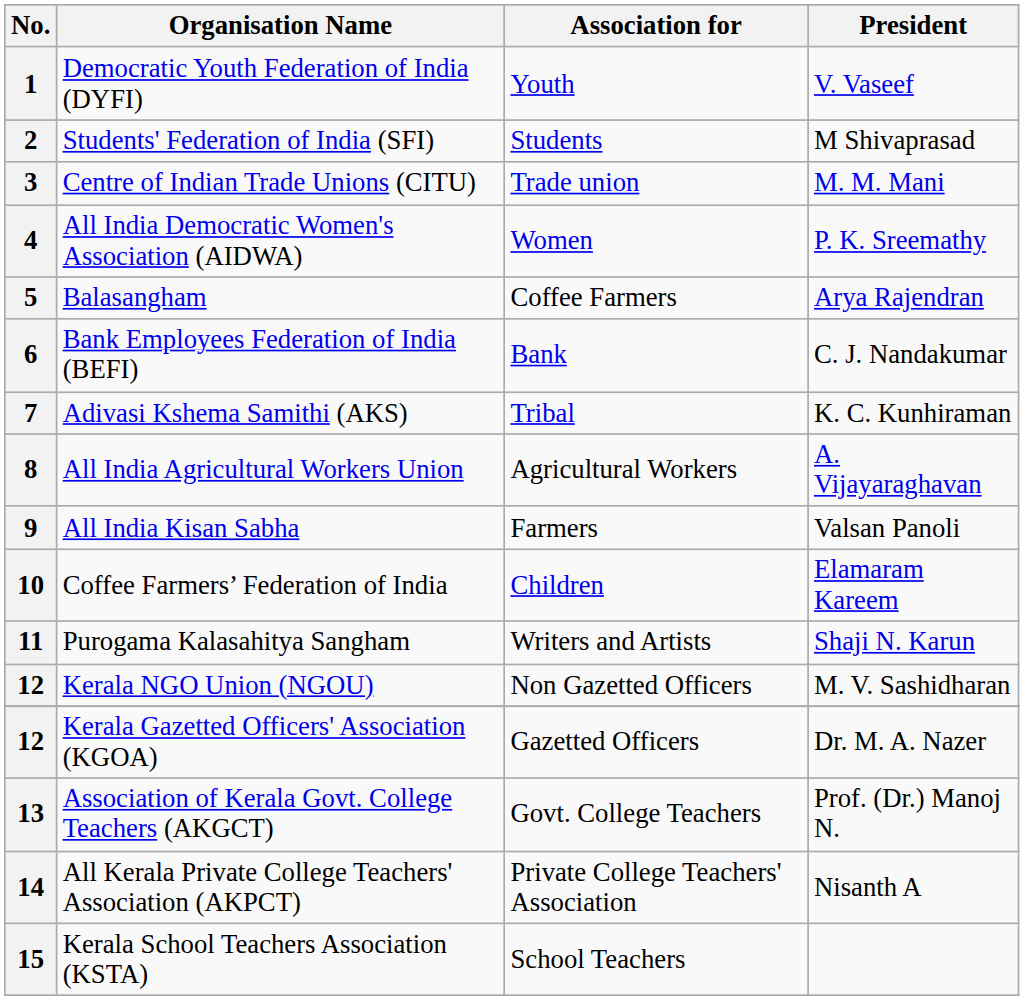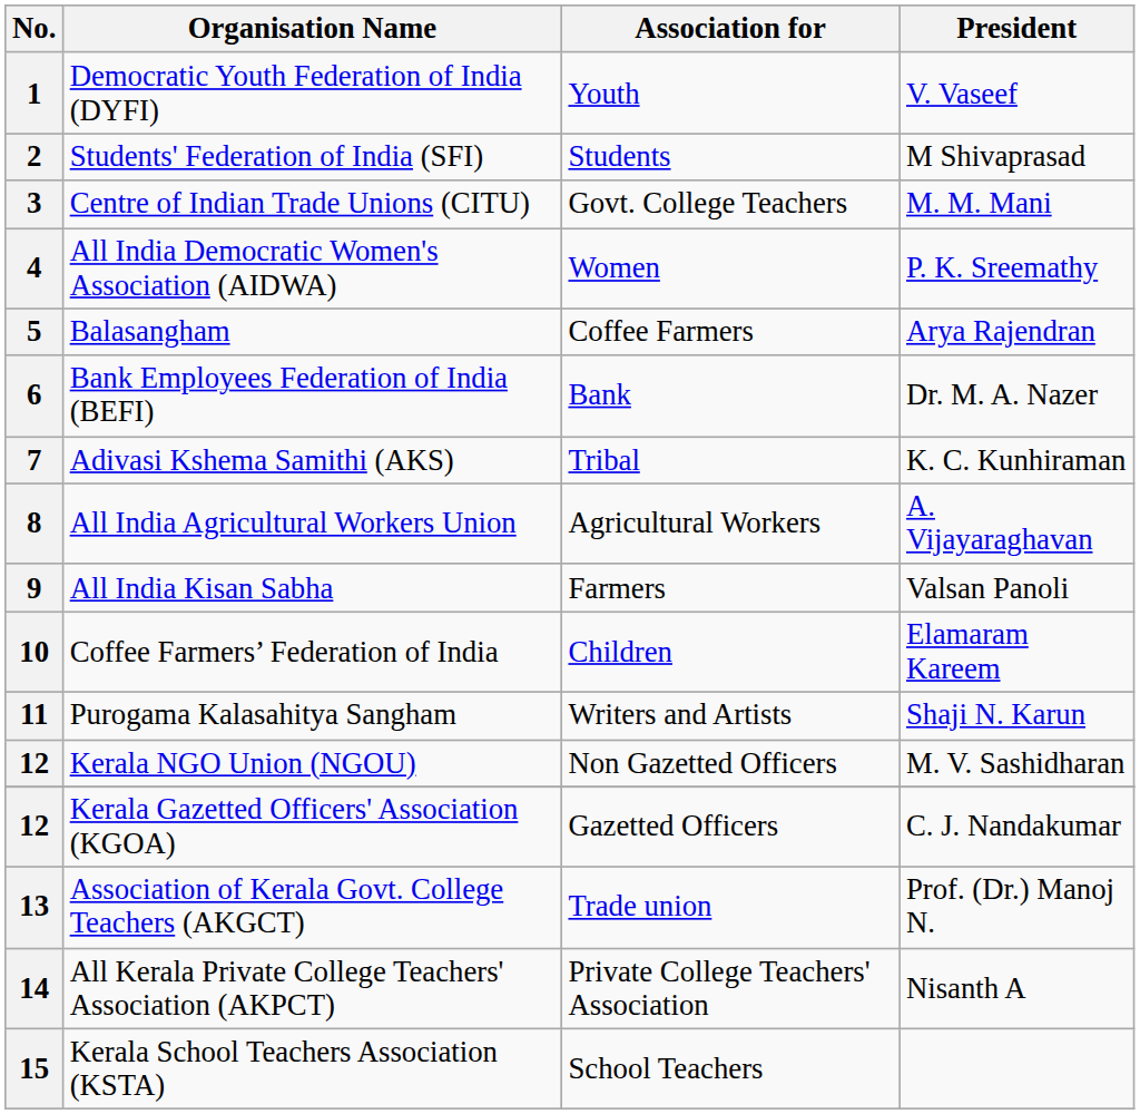 <table class ="wikitable sortable">
 <tr>
 <th Style="background-color:">No.</th>
 <th Style="background-color:">Organisation Name</th>
 <th Style="background-color:">Association for</th>
 <th Style="background-color:">President</th>
 </tr>
 <tr>
 <th>1</th>
 <td><a href='#'>Democratic Youth Federation of India</a> (DYFI)</td>
 <td><a href='#'>Youth</a></td>
 <td><a href='#'>V. Vaseef</a></td>
 </tr>
 <tr>
 <th>2</th>
 <td><a href='#'>Students' Federation of India</a> (SFI)</td>
 <td><a href='#'>Students</a></td>
 <td>M Shivaprasad</td>
 </tr>
 <tr>
 <th>3</th>
 <td><a href='#'>Centre of Indian Trade Unions</a> (CITU)</td>
-<td><a href='#'>Trade union</a></td>
+<td>Govt. College Teachers</td>
 <td><a href='#'>M. M. Mani</a></td>
 </tr>
 <tr>
 <th>4</th>
 <td><a href='#'>All India Democratic Women's Association</a> (AIDWA)</td>
 <td><a href='#'>Women</a></td>
 <td><a href='#'>P. K. Sreemathy</a></td>
 </tr>
 <tr>
 <th>5</th>
 <td><a href='#'>Balasangham</a></td>
 <td>Coffee Farmers</td>
 <td><a href='#'>Arya Rajendran</a></td>
 </tr>
 <tr>
 <th>6</th>
 <td><a href='#'>Bank Employees Federation of India</a> (BEFI)</td>
 <td><a href='#'>Bank</a></td>
-<td>C. J. Nandakumar</td>
+<td>Dr. M. A. Nazer</td>
 </tr>
 <tr>
 <th>7</th>
 <td><a href='#'>Adivasi Kshema Samithi</a> (AKS)</td>
 <td><a href='#'>Tribal</a></td>
 <td>K. C. Kunhiraman</td>
 </tr>
 <tr>
 <th>8</th>
 <td><a href='#'>All India Agricultural Workers Union</a></td>
 <td>Agricultural Workers</td>
 <td><a href='#'>A. Vijayaraghavan</a></td>
 </tr>
 <tr>
 <th>9</th>
 <td><a href='#'>All India Kisan Sabha</a></td>
 <td>Farmers</td>
 <td>Valsan Panoli</td>
 </tr>
 <tr>
 <th>10</th>
 <td>Coffee Farmers’ Federation of India</td>
 <td><a href='#'>Children</a></td>
 <td><a href='#'>Elamaram Kareem</a></td>
 </tr>
 <tr>
 <th>11</th>
 <td>Purogama Kalasahitya Sangham</td>
 <td>Writers and Artists</td>
 <td><a href='#'>Shaji N. Karun</a></td>
 </tr>
 <tr>
 <th>12</th>
 <td><a href='#'> Kerala NGO Union (NGOU)</a></td>
 <td>Non Gazetted Officers</td>
 <td>M. V. Sashidharan</td>
 </tr>
 <tr>
 </tr>
 <tr>
 <th>12</th>
 <td><a href='#'>Kerala Gazetted Officers' Association</a> (KGOA)</td>
 <td>Gazetted Officers</td>
-<td>Dr. M. A. Nazer</td>
+<td>C. J. Nandakumar</td>
 </tr>
 <tr>
 <th>13</th>
 <td><a href='#'> Association of Kerala Govt. College Teachers</a> (AKGCT)</td>
-<td>Govt. College Teachers</td>
+<td><a href='#'>Trade union</a></td>
 <td>Prof. (Dr.) Manoj N.</td>
 </tr>
 <tr>
 <th>14</th>
 <td>All Kerala Private College Teachers' Association (AKPCT)</td>
 <td>Private College Teachers' Association</td>
 <td>Nisanth A</td>
 </tr>
 <tr>
 <th>15</th>
 <td>Kerala School Teachers Association (KSTA)</td>
 <td>School Teachers</td>
 <td></td>
 </tr>
 </table>
